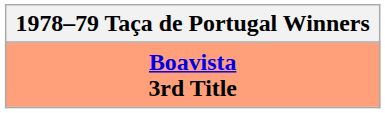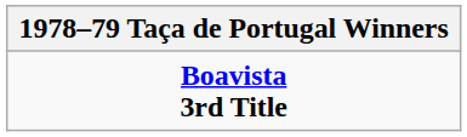 <table class="wikitable" style="text-align: center; margin: 0 auto; width: 20%">
 <tr>
 <th>1978–79 Taça de Portugal Winners</th>
 </tr>
 <tr>
-<td style="background: lightsalmon;"><strong><a href='#'>Boavista</a></strong><br><strong>3rd Title</strong></td>
+<td><strong><a href='#'>Boavista</a></strong><br><strong>3rd Title</strong></td>
 </tr>
 </table>
